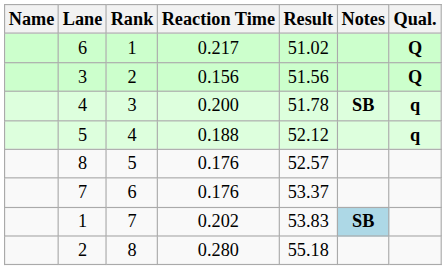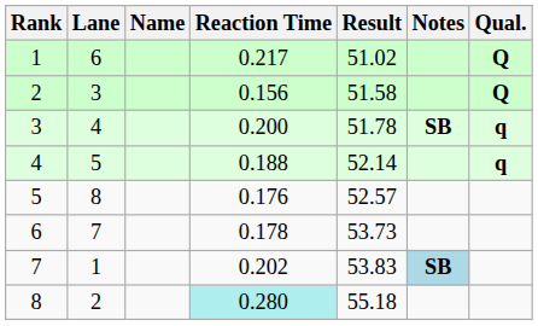 <table class="wikitable" style="text-align:center">
 <tr>
+<th>Rank</th>
+<th>Lane</th>
 <th>Name</th>
-<th>Lane</th>
-<th>Rank</th>
 <th>Reaction Time</th>
 <th>Result</th>
 <th>Notes</th>
 <th>Qual.</th>
 </tr>
 <tr bgcolor=ccffcc>
+<td>1</td>
+<td>6</td>
 <td align="left"></td>
-<td>6</td>
-<td>1</td>
 <td>0.217</td>
 <td>51.02</td>
 <td></td>
 <td><strong>Q</strong></td>
 </tr>
 <tr bgcolor=ccffcc>
+<td>2</td>
+<td>3</td>
 <td align="left"></td>
-<td>3</td>
-<td>2</td>
 <td>0.156</td>
-<td>51.56</td>
+<td>51.58</td>
 <td></td>
 <td><strong>Q</strong></td>
 </tr>
 <tr bgcolor=ddffdd>
+<td>3</td>
+<td>4</td>
 <td align="left"></td>
-<td>4</td>
-<td>3</td>
 <td>0.200</td>
 <td>51.78</td>
 <td><strong>SB</strong></td>
 <td><strong>q</strong></td>
 </tr>
 <tr bgcolor=ddffdd>
+<td>4</td>
+<td>5</td>
 <td align="left"></td>
-<td>5</td>
-<td>4</td>
 <td>0.188</td>
-<td>52.12</td>
+<td>52.14</td>
 <td></td>
 <td><strong>q</strong></td>
 </tr>
 <tr>
+<td>5</td>
+<td>8</td>
 <td align="left"></td>
-<td>8</td>
-<td>5</td>
 <td>0.176</td>
 <td>52.57</td>
 <td></td>
 <td></td>
 </tr>
 <tr>
+<td>6</td>
+<td>7</td>
 <td align="left"></td>
-<td>7</td>
-<td>6</td>
-<td>0.176</td>
-<td>53.37</td>
+<td>0.178</td>
+<td>53.73</td>
 <td></td>
 <td></td>
 </tr>
 <tr>
+<td>7</td>
+<td>1</td>
 <td align="left"></td>
-<td>1</td>
-<td>7</td>
 <td>0.202</td>
 <td>53.83</td>
 <td style="background: lightblue;"><strong>SB</strong></td>
 <td></td>
 </tr>
 <tr>
+<td>8</td>
+<td>2</td>
 <td align="left"></td>
-<td>2</td>
-<td>8</td>
-<td>0.280</td>
+<td style="background: paleturquoise;">0.280</td>
 <td>55.18</td>
 <td></td>
 <td></td>
 </tr>
 </table>
